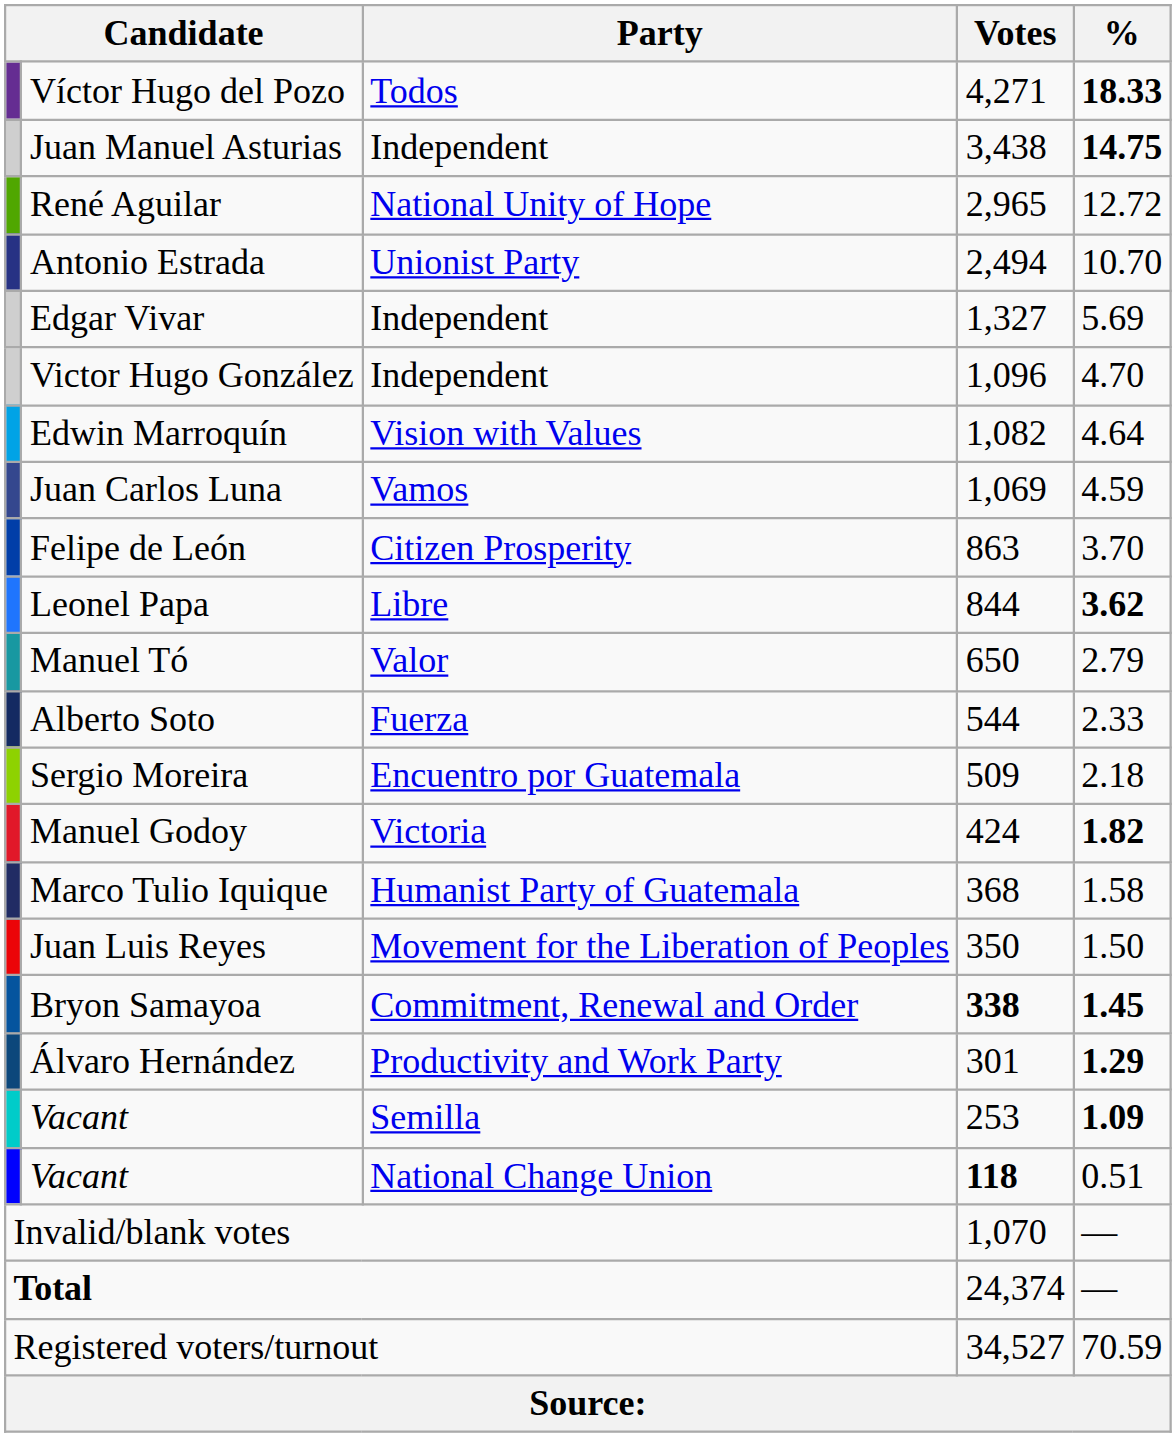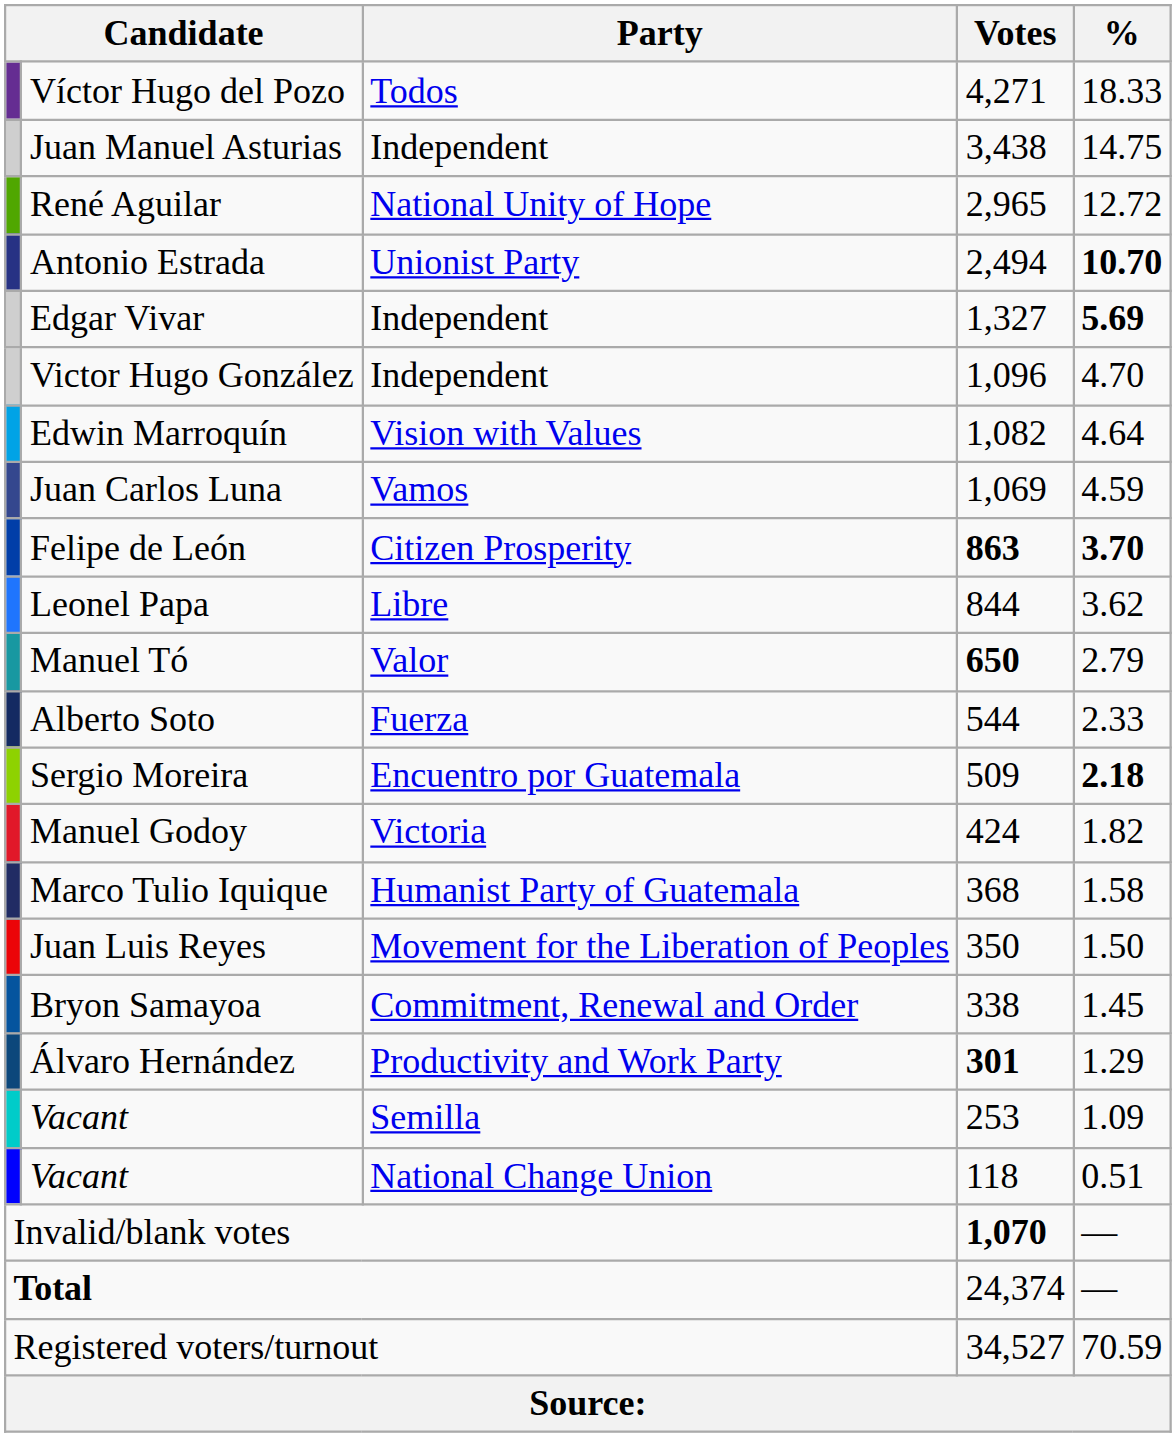 <table class="wikitable style=text-align:right">
 <tr>
 <th colspan=2>Candidate</th>
 <th>Party</th>
 <th>Votes</th>
 <th>%</th>
 </tr>
 <tr>
 <td bgcolor="#652D92"></td>
 <td align=left>Víctor Hugo del Pozo</td>
 <td align=left><a href='#'>Todos</a></td>
 <td>4,271</td>
-<td><strong>18.33</strong></td>
+<td>18.33</td>
 </tr>
 <tr>
 <td bgcolor="#CFCFCF"></td>
 <td align=left>Juan Manuel Asturias</td>
 <td align=left>Independent</td>
 <td>3,438</td>
-<td><strong>14.75</strong></td>
+<td>14.75</td>
 </tr>
 <tr>
 <td bgcolor="#50A700"></td>
 <td align=left>René Aguilar</td>
 <td align=left><a href='#'>National Unity of Hope</a></td>
 <td>2,965</td>
 <td>12.72</td>
 </tr>
 <tr>
 <td bgcolor="#273284"></td>
 <td align=left>Antonio Estrada</td>
 <td align=left><a href='#'>Unionist Party</a></td>
 <td>2,494</td>
-<td>10.70</td>
+<td><strong>10.70</strong></td>
 </tr>
 <tr>
 <td bgcolor="#CFCFCF"></td>
 <td align=left>Edgar Vivar</td>
 <td align=left>Independent</td>
 <td>1,327</td>
-<td>5.69</td>
+<td><strong>5.69</strong></td>
 </tr>
 <tr>
 <td bgcolor="#CFCFCF"></td>
 <td align=left>Victor Hugo González</td>
 <td align=left>Independent</td>
 <td>1,096</td>
 <td>4.70</td>
 </tr>
 <tr>
 <td bgcolor="#00A3E6"></td>
 <td align=left>Edwin Marroquín</td>
 <td align=left><a href='#'>Vision with Values</a></td>
 <td>1,082</td>
 <td>4.64</td>
 </tr>
 <tr>
 <td bgcolor="#34478E"></td>
 <td align=left>Juan Carlos Luna</td>
 <td align=left><a href='#'>Vamos</a></td>
 <td>1,069</td>
 <td>4.59</td>
 </tr>
 <tr>
 <td bgcolor="#013EA8"></td>
 <td align=left>Felipe de León</td>
 <td align=left><a href='#'>Citizen Prosperity</a></td>
-<td>863</td>
-<td>3.70</td>
+<td><strong>863</strong></td>
+<td><strong>3.70</strong></td>
 </tr>
 <tr>
 <td bgcolor="#1F75FE"></td>
 <td align=left>Leonel Papa</td>
 <td align=left><a href='#'>Libre</a></td>
 <td>844</td>
-<td><strong>3.62</strong></td>
+<td>3.62</td>
 </tr>
 <tr>
 <td bgcolor="#1898A1"></td>
 <td align=left>Manuel Tó</td>
 <td align=left><a href='#'>Valor</a></td>
-<td>650</td>
+<td><strong>650</strong></td>
 <td>2.79</td>
 </tr>
 <tr>
 <td bgcolor="#142A62"></td>
 <td align=left>Alberto Soto</td>
 <td align=left><a href='#'>Fuerza</a></td>
 <td>544</td>
 <td>2.33</td>
 </tr>
 <tr>
 <td bgcolor="#8ED201"></td>
 <td align=left>Sergio Moreira</td>
 <td align=left><a href='#'>Encuentro por Guatemala</a></td>
 <td>509</td>
-<td>2.18</td>
+<td><strong>2.18</strong></td>
 </tr>
 <tr>
 <td bgcolor="#E11829"></td>
 <td align=left>Manuel Godoy</td>
 <td align=left><a href='#'>Victoria</a></td>
 <td>424</td>
-<td><strong>1.82</strong></td>
+<td>1.82</td>
 </tr>
 <tr>
 <td bgcolor="#212C64"></td>
 <td align=left>Marco Tulio Iquique</td>
 <td align=left><a href='#'>Humanist Party of Guatemala</a></td>
 <td>368</td>
 <td>1.58</td>
 </tr>
 <tr>
 <td bgcolor="#EC0408"></td>
 <td align=left>Juan Luis Reyes</td>
 <td align=left><a href='#'>Movement for the Liberation of Peoples</a></td>
 <td>350</td>
 <td>1.50</td>
 </tr>
 <tr>
 <td bgcolor="#05549E"></td>
 <td align=left>Bryon Samayoa</td>
 <td align=left><a href='#'>Commitment, Renewal and Order</a></td>
-<td><strong>338</strong></td>
-<td><strong>1.45</strong></td>
+<td>338</td>
+<td>1.45</td>
 </tr>
 <tr>
 <td bgcolor="#0C477B"></td>
 <td align=left>Álvaro Hernández</td>
 <td align=left><a href='#'>Productivity and Work Party</a></td>
-<td>301</td>
-<td><strong>1.29</strong></td>
+<td><strong>301</strong></td>
+<td>1.29</td>
 </tr>
 <tr>
 <td bgcolor="#00CCC9"></td>
 <td align=left><em>Vacant</em></td>
 <td align=left><a href='#'>Semilla</a></td>
 <td>253</td>
-<td><strong>1.09</strong></td>
+<td>1.09</td>
 </tr>
 <tr>
 <td bgcolor="#0000FE"></td>
 <td align=left><em>Vacant</em></td>
 <td align=left><a href='#'>National Change Union</a></td>
-<td><strong>118</strong></td>
+<td>118</td>
 <td>0.51</td>
 </tr>
 <tr>
 <td colspan="3" style="text-align:left;">Invalid/blank votes</td>
-<td>1,070</td>
+<td><strong>1,070</strong></td>
 <td>—</td>
 </tr>
 <tr>
 <td colspan="3" style="text-align:left;"><strong>Total</strong></td>
 <td>24,374</td>
 <td>—</td>
 </tr>
 <tr>
 <td colspan="3" style="text-align:left;">Registered voters/turnout</td>
 <td>34,527</td>
 <td>70.59</td>
 </tr>
 <tr>
 <th colspan="9">Source:  </th>
 </tr>
 </table>
